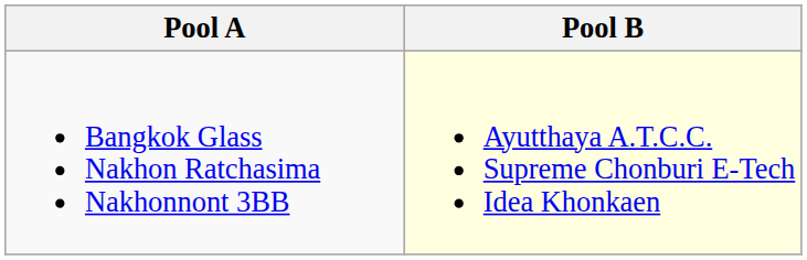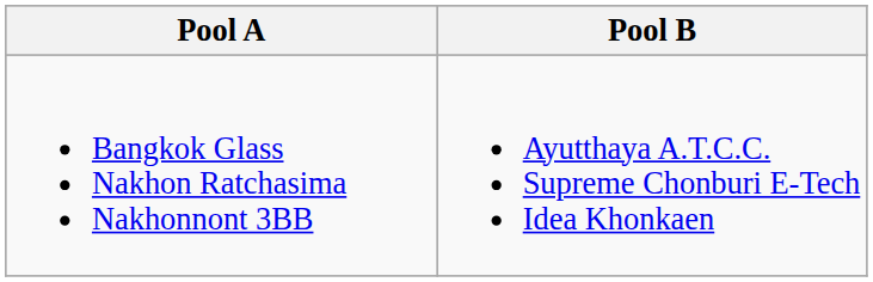 <table class="wikitable">
 <tr>
 <th width=50%>Pool A</th>
 <th width=50%>Pool B</th>
 </tr>
 <tr>
 <td><br><ul><li><a href='#'>Bangkok Glass</a></li><li><a href='#'>Nakhon Ratchasima</a></li><li><a href='#'>Nakhonnont 3BB</a></li></ul></td>
-<td style="background: lightyellow;"><br><ul><li><a href='#'>Ayutthaya A.T.C.C.</a></li><li><a href='#'>Supreme Chonburi E-Tech</a></li><li><a href='#'>Idea Khonkaen</a></li></ul></td>
+<td><br><ul><li><a href='#'>Ayutthaya A.T.C.C.</a></li><li><a href='#'>Supreme Chonburi E-Tech</a></li><li><a href='#'>Idea Khonkaen</a></li></ul></td>
 </tr>
 </table>
